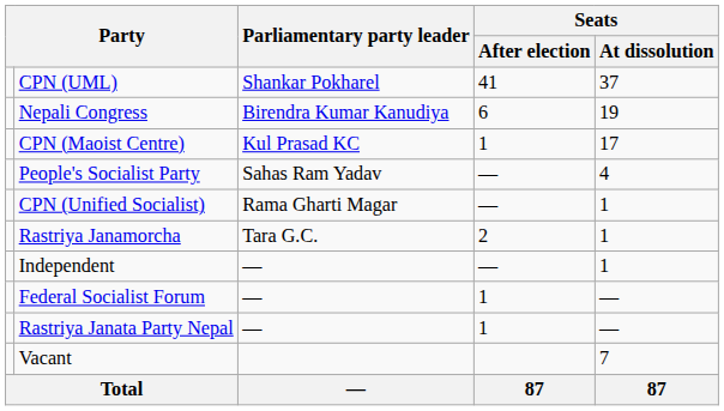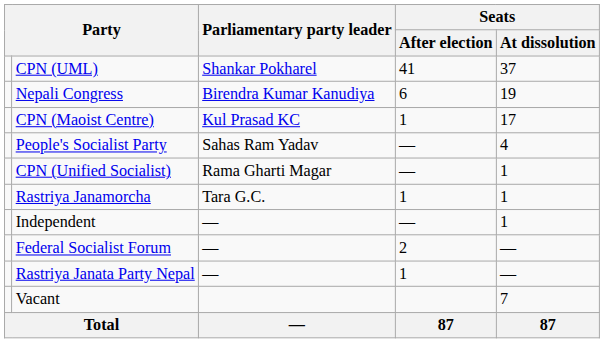 <table class="wikitable">
 <tr>
 <th colspan="2" rowspan="2">Party</th>
 <th rowspan="2">Parliamentary party leader</th>
 <th colspan="2">Seats</th>
 </tr>
 <tr>
 <th>After election</th>
 <th>At dissolution</th>
 </tr>
 <tr>
 <td></td>
 <td><a href='#'>CPN (UML)</a></td>
 <td><a href='#'>Shankar Pokharel</a></td>
 <td>41</td>
 <td>37</td>
 </tr>
 <tr>
 <td></td>
 <td><a href='#'>Nepali Congress</a></td>
 <td><a href='#'>Birendra Kumar Kanudiya</a></td>
 <td>6</td>
 <td>19</td>
 </tr>
 <tr>
 <td></td>
 <td><a href='#'>CPN (Maoist Centre)</a></td>
 <td><a href='#'>Kul Prasad KC</a></td>
 <td>1</td>
 <td>17</td>
 </tr>
 <tr>
 <td></td>
 <td><a href='#'>People's Socialist Party</a></td>
 <td>Sahas Ram Yadav</td>
 <td>—</td>
 <td>4</td>
 </tr>
 <tr>
 <td></td>
 <td><a href='#'>CPN (Unified Socialist)</a></td>
 <td>Rama Gharti Magar</td>
 <td>—</td>
 <td>1</td>
 </tr>
 <tr>
 <td></td>
 <td><a href='#'>Rastriya Janamorcha</a></td>
 <td>Tara G.C.</td>
-<td>2</td>
+<td>1</td>
 <td>1</td>
 </tr>
 <tr>
 <td></td>
 <td>Independent</td>
 <td>—</td>
 <td>—</td>
 <td>1</td>
 </tr>
 <tr>
 <td></td>
 <td><a href='#'>Federal Socialist Forum</a></td>
 <td>—</td>
-<td>1</td>
+<td>2</td>
 <td>—</td>
 </tr>
 <tr>
 <td></td>
 <td><a href='#'>Rastriya Janata Party Nepal</a></td>
 <td>—</td>
 <td>1</td>
 <td>—</td>
 </tr>
 <tr>
 <td></td>
 <td>Vacant</td>
 <td></td>
 <td></td>
 <td>7</td>
 </tr>
 <tr>
 <th colspan="2"><strong>Total</strong></th>
 <th>—</th>
 <th>87</th>
 <th>87</th>
 </tr>
 </table>
